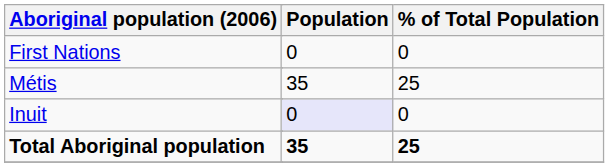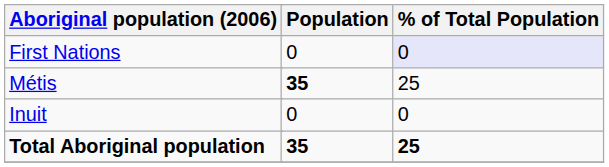 <table class="wikitable">
 <tr>
 <th colspan="2"><a href='#'>Aboriginal</a> population (2006)</th>
 <th>Population</th>
 <th>% of Total Population</th>
 </tr>
 <tr>
 <td colspan="2"><a href='#'>First Nations</a></td>
 <td>0</td>
-<td>0</td>
+<td style="background: lavender;">0</td>
 </tr>
 <tr>
 <td colspan="2"><a href='#'>Métis</a></td>
-<td>35</td>
+<td><strong>35</strong></td>
 <td>25</td>
 </tr>
 <tr>
 <td colspan="2"><a href='#'>Inuit</a></td>
-<td style="background: lavender;">0</td>
+<td>0</td>
 <td>0</td>
 </tr>
 <tr>
 <td colspan="2"><strong>Total Aboriginal population</strong></td>
 <td><strong>35</strong></td>
 <td><strong>25</strong></td>
 </tr>
 <tr>
 </tr>
 </table>
